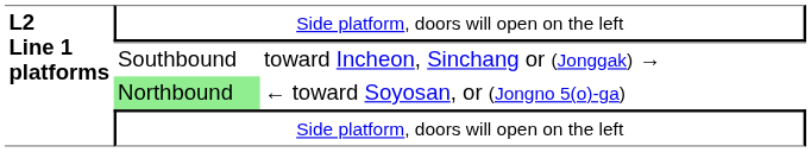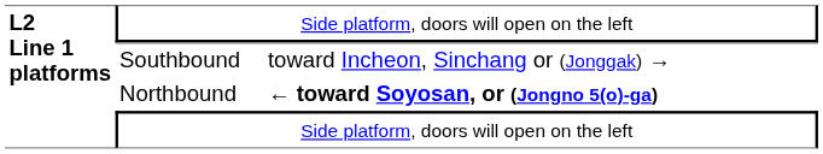 <table table border=0 cellspacing=0 cellpadding=3>
 <tr>
 <td style="border-top:solid 1px gray;border-bottom:solid 1px gray;" width=50 rowspan=10 valign=top><strong>L2<br>Line 1 platforms</strong></td>
 <td style="border-top:solid 1px gray;border-right:solid 2px black;border-left:solid 2px black;border-bottom:solid 2px black;text-align:center;" colspan=2><small><a href='#'>Side platform</a>, doors will open on the left</small></td>
 </tr>
 <tr>
 <td style="border-bottom:solid 0px gray;border-top:solid 1px gray;" width=100>Southbound</td>
 <td style="border-bottom:solid 0px gray;border-top:solid 1px gray;" width=390>  toward <a href='#'>Incheon</a>, <a href='#'>Sinchang</a> or  <small>(<a href='#'>Jonggak</a>)</small> →</td>
 </tr>
 <tr>
-<td style="background: lightgreen;">Northbound</td>
-<td>←  toward <a href='#'>Soyosan</a>,  or  <small>(<a href='#'>Jongno 5(o)-ga</a>)</small></td>
+<td>Northbound</td>
+<td><strong>←  toward <a href='#'>Soyosan</a>,  or  <small>(<a href='#'>Jongno 5(o)-ga</a>)</small></strong></td>
 </tr>
 <tr>
 <td style="border-top:solid 2px black;border-right:solid 2px black;border-left:solid 2px black;border-bottom:solid 1px gray;text-align:center;" colspan=2><small><a href='#'>Side platform</a>, doors will open on the left</small></td>
 </tr>
 </table>
